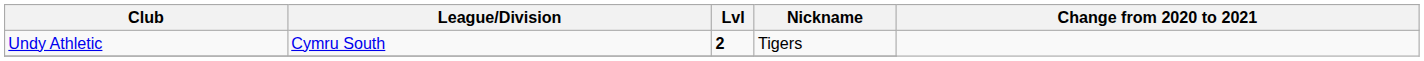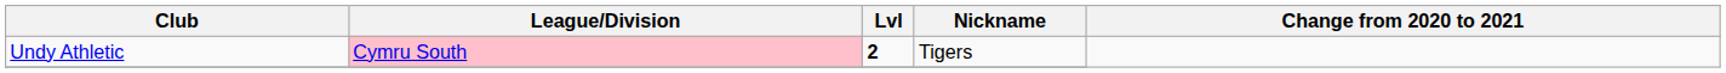 <table class="wikitable sortable" width=100% style="font-size:90%">
 <tr>
 <th width=20%>Club</th>
 <th width=30%>League/Division</th>
 <th width=3%>Lvl</th>
 <th width=10%>Nickname</th>
 <th width=37%>Change from 2020 to 2021</th>
 </tr>
 <tr>
 <td><a href='#'>Undy Athletic</a></td>
-<td><a href='#'>Cymru South</a></td>
+<td style="background: pink;"><a href='#'>Cymru South</a></td>
 <td><strong>2</strong></td>
 <td>Tigers</td>
 </tr>
 <tr>
 </tr>
 </table>
